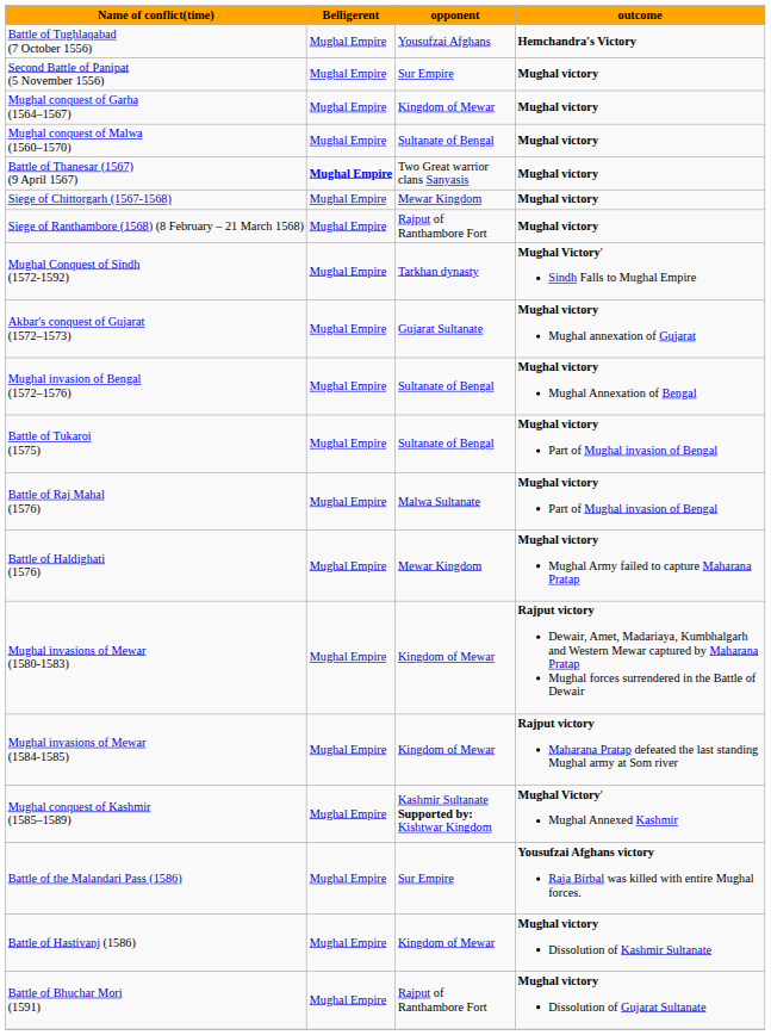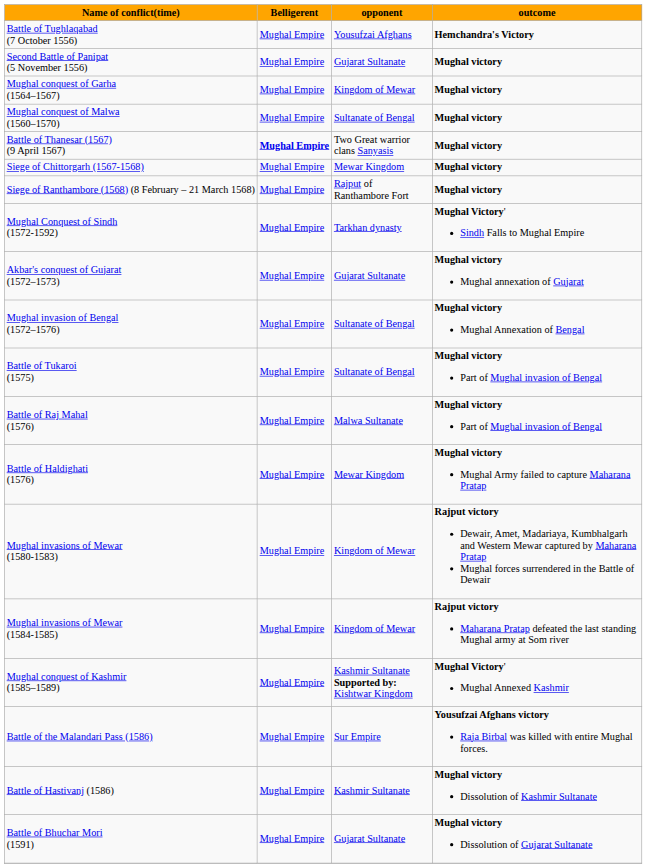 <table class="wikitable">
 <tr>
 <th style="background:orange;"><span>Name of conflict(time)</span></th>
 <th style="background:orange;widh:150px;"><span>Belligerent</span></th>
 <th style="background:orange;width:150px;"><span> opponent</span></th>
 <th style="background:orange;width:320px;"><span> outcome</span></th>
 </tr>
 <tr>
 <td><a href='#'>Battle of Tughlaqabad</a><br>(7 October 1556)</td>
 <td><a href='#'>Mughal Empire</a></td>
 <td><a href='#'>Yousufzai Afghans</a></td>
 <td><strong>Hemchandra's Victory</strong></td>
 </tr>
 <tr>
 <td><a href='#'>Second Battle of Panipat</a><br>(5 November 1556)</td>
 <td> <a href='#'>Mughal Empire</a></td>
-<td><a href='#'>Sur Empire</a></td>
+<td> <a href='#'>Gujarat Sultanate</a></td>
 <td><strong>Mughal victory</strong></td>
 </tr>
 <tr>
 <td><a href='#'>Mughal conquest of Garha</a><br>(1564–1567)</td>
 <td> <a href='#'>Mughal Empire</a></td>
 <td> <a href='#'>Kingdom of Mewar</a></td>
 <td><strong>Mughal victory</strong></td>
 </tr>
 <tr>
 <td><a href='#'>Mughal conquest of Malwa</a><br>(1560–1570)</td>
 <td> <a href='#'>Mughal Empire</a></td>
 <td><a href='#'>Sultanate of Bengal</a></td>
 <td><strong>Mughal victory</strong></td>
 </tr>
 <tr>
 <td><a href='#'>Battle of Thanesar (1567)</a><br>(9 April 1567)</td>
 <td><strong> <a href='#'>Mughal Empire</a></strong></td>
 <td>Two Great warrior clans <a href='#'>Sanyasis</a></td>
 <td><strong>Mughal victory</strong></td>
 </tr>
 <tr>
 <td><a href='#'>Siege of Chittorgarh (1567-1568)</a></td>
 <td> <a href='#'>Mughal Empire</a></td>
 <td><a href='#'>Mewar Kingdom</a></td>
 <td><strong>Mughal victory</strong></td>
 </tr>
 <tr>
 <td><a href='#'>Siege of Ranthambore (1568)</a> (8 February – 21 March 1568)</td>
 <td> <a href='#'>Mughal Empire</a></td>
 <td><a href='#'>Rajput</a> of Ranthambore Fort</td>
 <td><strong>Mughal victory</strong></td>
 </tr>
 <tr>
 <td><a href='#'>Mughal Conquest of Sindh</a><br>(1572-1592)</td>
 <td> <a href='#'>Mughal Empire</a></td>
 <td><a href='#'>Tarkhan dynasty</a></td>
 <td><strong>Mughal Victory</strong>'<br><ul><li><a href='#'>Sindh</a> Falls to Mughal Empire</li></ul></td>
 </tr>
 <tr>
 <td><a href='#'>Akbar's conquest of Gujarat</a><br>(1572–1573)</td>
 <td> <a href='#'>Mughal Empire</a></td>
 <td>  <a href='#'>Gujarat Sultanate</a></td>
 <td><strong>Mughal victory</strong><br><ul><li>Mughal annexation of <a href='#'>Gujarat</a></li></ul></td>
 </tr>
 <tr>
 <td><a href='#'>Mughal invasion of Bengal</a><br>(1572–1576)</td>
 <td> <a href='#'>Mughal Empire</a></td>
 <td><a href='#'>Sultanate of Bengal</a></td>
 <td><strong>Mughal victory</strong><br><ul><li>Mughal Annexation of <a href='#'>Bengal</a></li></ul></td>
 </tr>
 <tr>
 <td><a href='#'>Battle of Tukaroi</a><br>(1575)</td>
 <td> <a href='#'>Mughal Empire</a></td>
 <td><a href='#'>Sultanate of Bengal</a></td>
 <td><strong>Mughal victory</strong><br><ul><li>Part of <a href='#'>Mughal invasion of Bengal</a></li></ul></td>
 </tr>
 <tr>
 <td><a href='#'>Battle of Raj Mahal</a><br>(1576)</td>
 <td> <a href='#'>Mughal Empire</a></td>
 <td><a href='#'>Malwa Sultanate</a></td>
 <td><strong>Mughal victory</strong><br><ul><li>Part of <a href='#'>Mughal invasion of Bengal</a></li></ul></td>
 </tr>
 <tr>
 <td><a href='#'>Battle of Haldighati</a><br>(1576)</td>
 <td> <a href='#'>Mughal Empire</a></td>
 <td><a href='#'>Mewar Kingdom</a></td>
 <td><strong>Mughal victory</strong><br><ul><li>Mughal Army failed to capture <a href='#'>Maharana Pratap</a></li></ul></td>
 </tr>
 <tr>
 <td><a href='#'>Mughal invasions of Mewar</a><br>(1580-1583)</td>
 <td> <a href='#'>Mughal Empire</a></td>
 <td> <a href='#'>Kingdom of Mewar</a></td>
 <td><strong>Rajput victory</strong><br><ul><li>Dewair, Amet, Madariaya, Kumbhalgarh and Western Mewar captured by <a href='#'>Maharana Pratap</a></li><li>Mughal forces surrendered in the Battle of Dewair</li></ul></td>
 </tr>
 <tr>
 <td><a href='#'>Mughal invasions of Mewar</a><br>(1584-1585)</td>
 <td> <a href='#'>Mughal Empire</a></td>
 <td> <a href='#'>Kingdom of Mewar</a></td>
 <td><strong>Rajput victory</strong><br><ul><li><a href='#'>Maharana Pratap</a> defeated the last standing Mughal army at Som river</li></ul></td>
 </tr>
 <tr>
 <td><a href='#'>Mughal conquest of Kashmir</a><br>(1585–1589)</td>
 <td> <a href='#'>Mughal Empire</a></td>
 <td> <a href='#'>Kashmir Sultanate</a><br><strong>Supported by:</strong><br><a href='#'>Kishtwar Kingdom</a></td>
 <td><strong>Mughal Victory</strong>'<br><ul><li>Mughal Annexed <a href='#'>Kashmir</a></li></ul></td>
 </tr>
 <tr>
 <td><a href='#'>Battle of the Malandari Pass (1586)</a></td>
 <td> <a href='#'>Mughal Empire</a></td>
 <td><a href='#'>Sur Empire</a></td>
 <td><strong>Yousufzai Afghans victory</strong><br><ul><li><a href='#'>Raja Birbal</a> was killed with entire Mughal forces.</li></ul></td>
 </tr>
 <tr>
 <td><a href='#'>Battle of Hastivanj</a> (1586)</td>
 <td> <a href='#'>Mughal Empire</a></td>
-<td> <a href='#'>Kingdom of Mewar</a></td>
+<td> <a href='#'>Kashmir Sultanate</a></td>
 <td><strong>Mughal victory</strong><br><ul><li>Dissolution of <a href='#'>Kashmir Sultanate</a></li></ul></td>
 </tr>
 <tr>
 <td><a href='#'>Battle of Bhuchar Mori</a><br>(1591)</td>
 <td> <a href='#'>Mughal Empire</a></td>
-<td><a href='#'>Rajput</a> of Ranthambore Fort</td>
+<td> <a href='#'>Gujarat Sultanate</a></td>
 <td><strong>Mughal victory</strong><br><ul><li>Dissolution of <a href='#'>Gujarat Sultanate</a></li></ul></td>
 </tr>
 <tr>
 </tr>
 </table>
